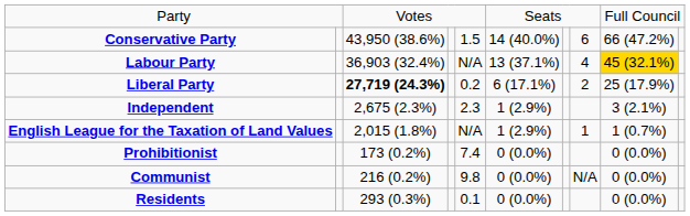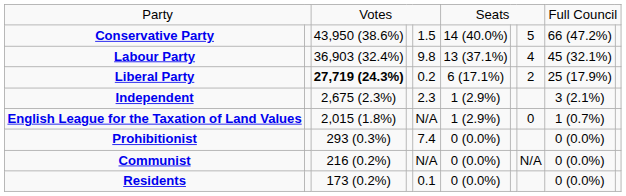 <table class=wikitable style="text-align:center;">
 <tr>
 <td colspan=2>Party</td>
 <td colspan=3>Votes</td>
 <td colspan=3>Seats</td>
 <td colspan=3>Full Council</td>
 </tr>
 <tr>
 <td><strong><a href='#'>Conservative Party</a></strong></td>
 <td style="background:"></td>
 <td>43,950 (38.6%)</td>
 <td></td>
 <td> 1.5</td>
 <td>14 (40.0%)</td>
 <td></td>
-<td> 6</td>
+<td> 5</td>
 <td>66 (47.2%)</td>
 <td></td>
 </tr>
 <tr>
 <td><strong><a href='#'>Labour Party</a></strong></td>
 <td style="background:"></td>
 <td>36,903 (32.4%)</td>
 <td></td>
-<td>N/A</td>
+<td> 9.8</td>
 <td>13 (37.1%)</td>
 <td></td>
 <td> 4</td>
-<td style="background: gold;">45 (32.1%)</td>
+<td>45 (32.1%)</td>
 <td></td>
 </tr>
 <tr>
 <td><strong><a href='#'>Liberal Party</a></strong></td>
 <td style="background:"></td>
 <td><strong>27,719 (24.3%)</strong></td>
 <td></td>
 <td> 0.2</td>
 <td>6 (17.1%)</td>
 <td></td>
 <td> 2</td>
 <td>25 (17.9%)</td>
 <td></td>
 </tr>
 <tr>
 <td><strong><a href='#'>Independent</a></strong></td>
 <td style="background:"></td>
 <td>2,675 (2.3%)</td>
 <td></td>
 <td> 2.3</td>
 <td>1 (2.9%)</td>
 <td></td>
 <td></td>
 <td>3 (2.1%)</td>
 <td></td>
 </tr>
 <tr>
 <td><strong><a href='#'>English League for the Taxation of Land Values</a></strong></td>
 <td style="background:"></td>
 <td>2,015 (1.8%)</td>
 <td></td>
 <td>N/A</td>
 <td>1 (2.9%)</td>
 <td></td>
-<td> 1</td>
+<td> 0</td>
 <td>1 (0.7%)</td>
 <td></td>
 </tr>
 <tr>
 <td><strong><a href='#'>Prohibitionist</a></strong></td>
 <td style="background:"></td>
-<td>173 (0.2%)</td>
+<td>293 (0.3%)</td>
 <td></td>
 <td> 7.4</td>
 <td>0 (0.0%)</td>
 <td></td>
 <td></td>
 <td>0 (0.0%)</td>
 <td></td>
 </tr>
 <tr>
 <td><strong><a href='#'>Communist</a></strong></td>
 <td style="background:"></td>
 <td>216 (0.2%)</td>
 <td></td>
-<td> 9.8</td>
+<td>N/A</td>
 <td>0 (0.0%)</td>
 <td></td>
 <td>N/A</td>
 <td>0 (0.0%)</td>
 <td></td>
 </tr>
 <tr>
 <td><strong><a href='#'>Residents</a></strong></td>
 <td style="background:"></td>
-<td>293 (0.3%)</td>
+<td>173 (0.2%)</td>
 <td></td>
 <td> 0.1</td>
 <td>0 (0.0%)</td>
 <td></td>
 <td></td>
 <td>0 (0.0%)</td>
 <td></td>
 </tr>
 </table>
